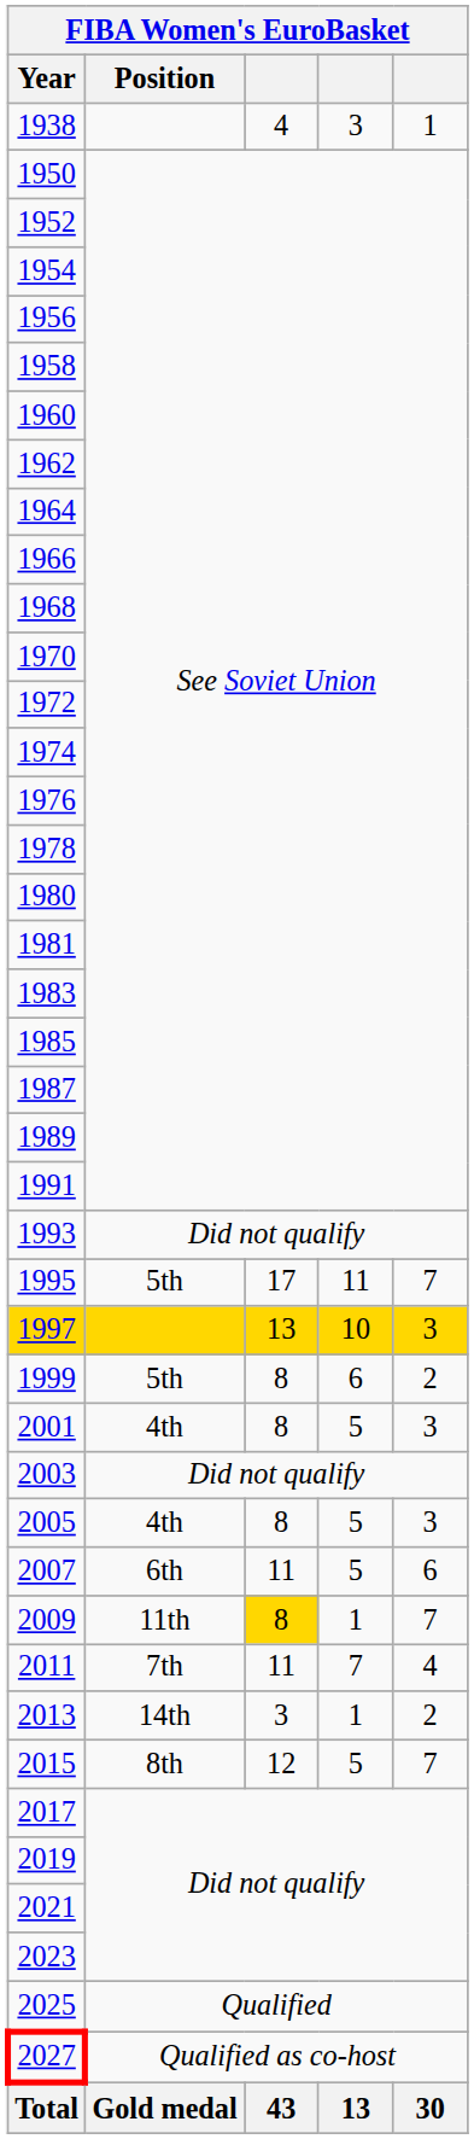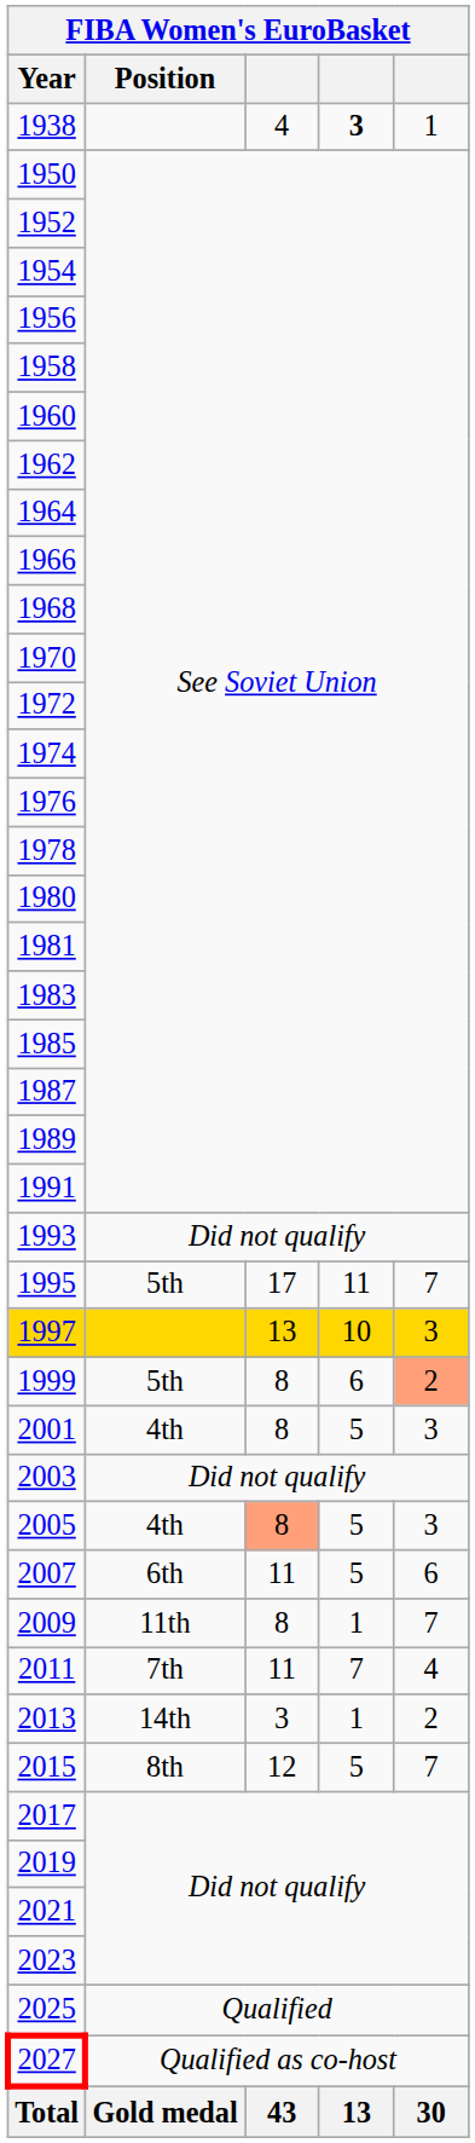 <table class="wikitable" style="text-align: center;font-size:90%;">
 <tr>
 <th colspan="5"><a href='#'>FIBA Women's EuroBasket</a></th>
 </tr>
 <tr>
 <th>Year</th>
 <th>Position</th>
 <th width="30"></th>
 <th width="30"></th>
 <th width="30"></th>
 </tr>
 <tr>
 <td> <a href='#'>1938</a></td>
 <td></td>
 <td>4</td>
-<td>3</td>
+<td><strong>3</strong></td>
 <td>1</td>
 </tr>
 <tr>
 <td> <a href='#'>1950</a></td>
 <td colspan="4" rowspan="22"><em>See <a href='#'>Soviet Union</a></em></td>
 </tr>
 <tr>
 <td> <a href='#'>1952</a></td>
 </tr>
 <tr>
 <td> <a href='#'>1954</a></td>
 </tr>
 <tr>
 <td> <a href='#'>1956</a></td>
 </tr>
 <tr>
 <td> <a href='#'>1958</a></td>
 </tr>
 <tr>
 <td> <a href='#'>1960</a></td>
 </tr>
 <tr>
 <td> <a href='#'>1962</a></td>
 </tr>
 <tr>
 <td> <a href='#'>1964</a></td>
 </tr>
 <tr>
 <td> <a href='#'>1966</a></td>
 </tr>
 <tr>
 <td> <a href='#'>1968</a></td>
 </tr>
 <tr>
 <td> <a href='#'>1970</a></td>
 </tr>
 <tr>
 <td> <a href='#'>1972</a></td>
 </tr>
 <tr>
 <td> <a href='#'>1974</a></td>
 </tr>
 <tr>
 <td> <a href='#'>1976</a></td>
 </tr>
 <tr>
 <td> <a href='#'>1978</a></td>
 </tr>
 <tr>
 <td> <a href='#'>1980</a></td>
 </tr>
 <tr>
 <td> <a href='#'>1981</a></td>
 </tr>
 <tr>
 <td> <a href='#'>1983</a></td>
 </tr>
 <tr>
 <td> <a href='#'>1985</a></td>
 </tr>
 <tr>
 <td> <a href='#'>1987</a></td>
 </tr>
 <tr>
 <td> <a href='#'>1989</a></td>
 </tr>
 <tr>
 <td> <a href='#'>1991</a></td>
 </tr>
 <tr>
 <td> <a href='#'>1993</a></td>
 <td colspan="4"><em>Did not qualify</em></td>
 </tr>
 <tr>
 <td> <a href='#'>1995</a></td>
 <td>5th</td>
 <td>17</td>
 <td>11</td>
 <td>7</td>
 </tr>
 <tr style="background:gold">
 <td> <a href='#'>1997</a></td>
 <td></td>
 <td>13</td>
 <td>10</td>
 <td>3</td>
 </tr>
 <tr>
 <td> <a href='#'>1999</a></td>
 <td>5th</td>
 <td>8</td>
 <td>6</td>
-<td>2</td>
+<td style="background: lightsalmon;">2</td>
 </tr>
 <tr>
 <td> <a href='#'>2001</a></td>
 <td>4th</td>
 <td>8</td>
 <td>5</td>
 <td>3</td>
 </tr>
 <tr>
 <td> <a href='#'>2003</a></td>
 <td colspan="4"><em>Did not qualify</em></td>
 </tr>
 <tr>
 <td> <a href='#'>2005</a></td>
 <td>4th</td>
-<td>8</td>
+<td style="background: lightsalmon;">8</td>
 <td>5</td>
 <td>3</td>
 </tr>
 <tr>
 <td> <a href='#'>2007</a></td>
 <td>6th</td>
 <td>11</td>
 <td>5</td>
 <td>6</td>
 </tr>
 <tr>
 <td> <a href='#'>2009</a></td>
 <td>11th</td>
-<td style="background: gold;">8</td>
+<td>8</td>
 <td>1</td>
 <td>7</td>
 </tr>
 <tr>
 <td> <a href='#'>2011</a></td>
 <td>7th</td>
 <td>11</td>
 <td>7</td>
 <td>4</td>
 </tr>
 <tr>
 <td> <a href='#'>2013</a></td>
 <td>14th</td>
 <td>3</td>
 <td>1</td>
 <td>2</td>
 </tr>
 <tr>
 <td> <a href='#'>2015</a></td>
 <td>8th</td>
 <td>12</td>
 <td>5</td>
 <td>7</td>
 </tr>
 <tr>
 <td> <a href='#'>2017</a></td>
 <td colspan="4" rowspan="4"><em>Did not qualify</em></td>
 </tr>
 <tr>
 <td> <a href='#'>2019</a></td>
 </tr>
 <tr>
 <td> <a href='#'>2021</a></td>
 </tr>
 <tr>
 <td> <a href='#'>2023</a></td>
 </tr>
 <tr>
 <td> <a href='#'>2025</a></td>
 <td colspan=4><em>Qualified</em></td>
 </tr>
 <tr>
 <td style="border: 3px solid red"> <a href='#'>2027</a></td>
 <td colspan=4><em>Qualified as co-host</em></td>
 </tr>
 <tr>
 <th>Total</th>
 <th>Gold medal</th>
 <th>43</th>
 <th>13</th>
 <th>30</th>
 </tr>
 </table>
